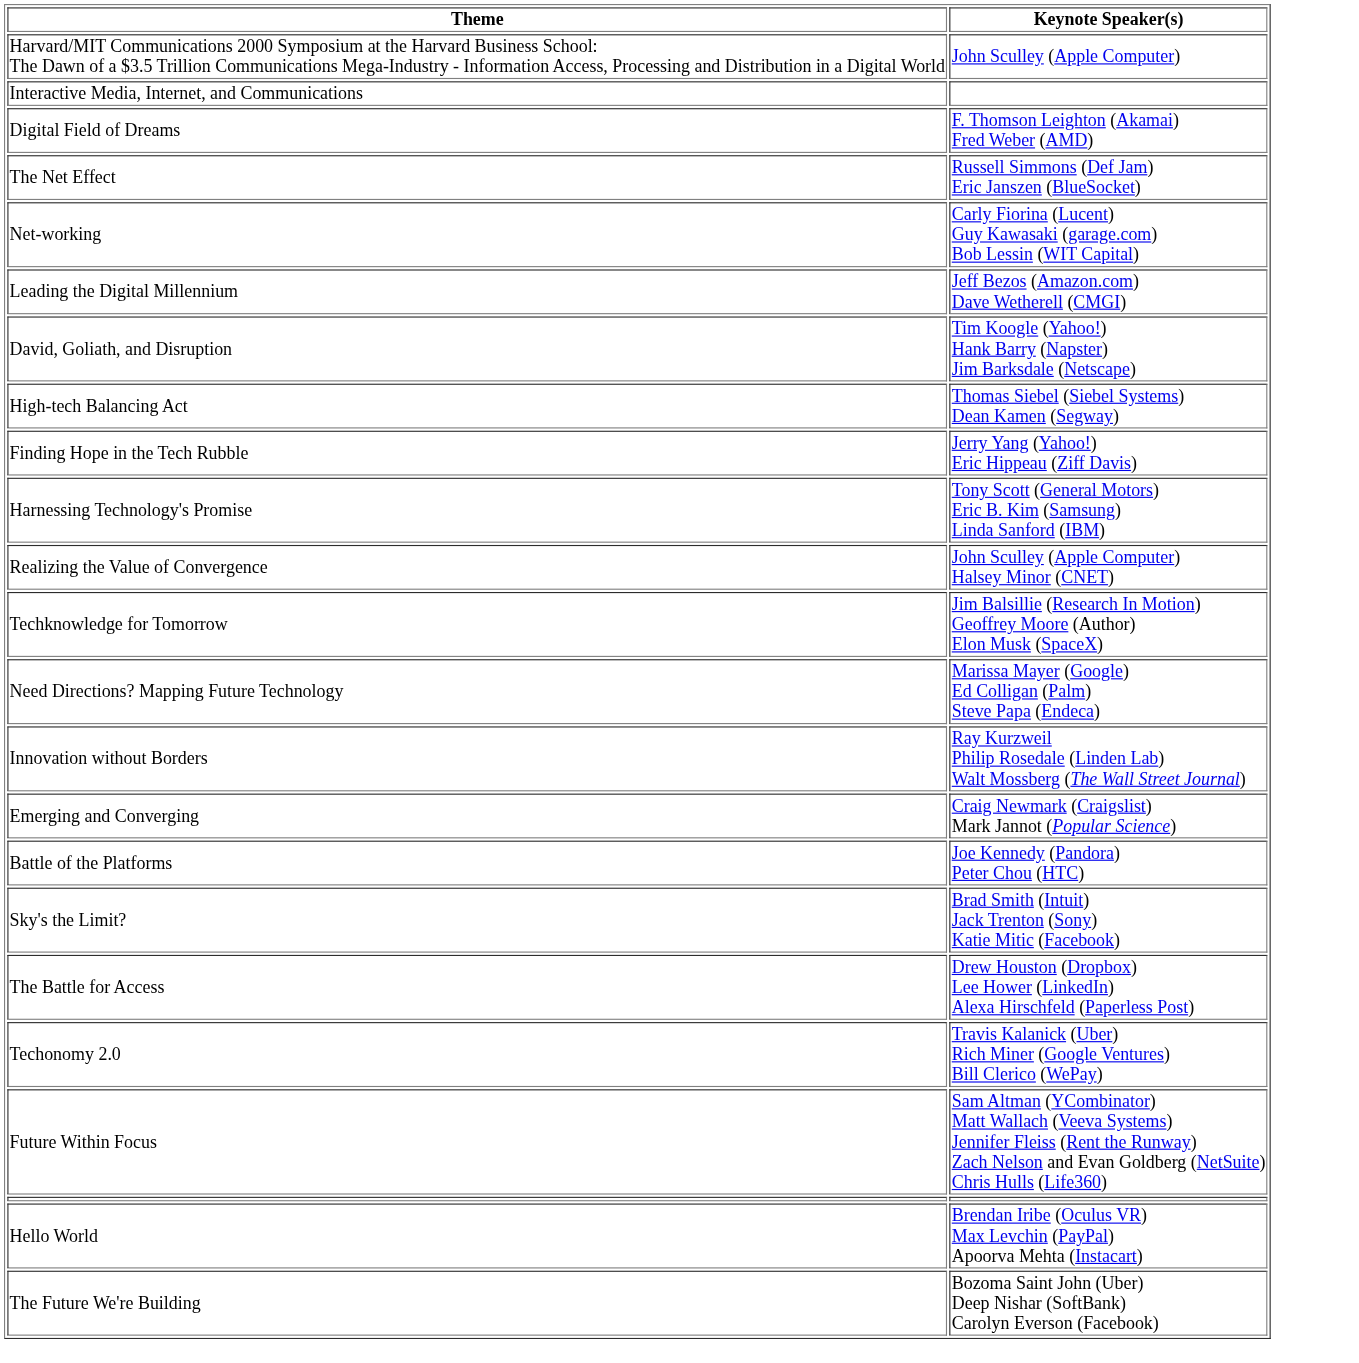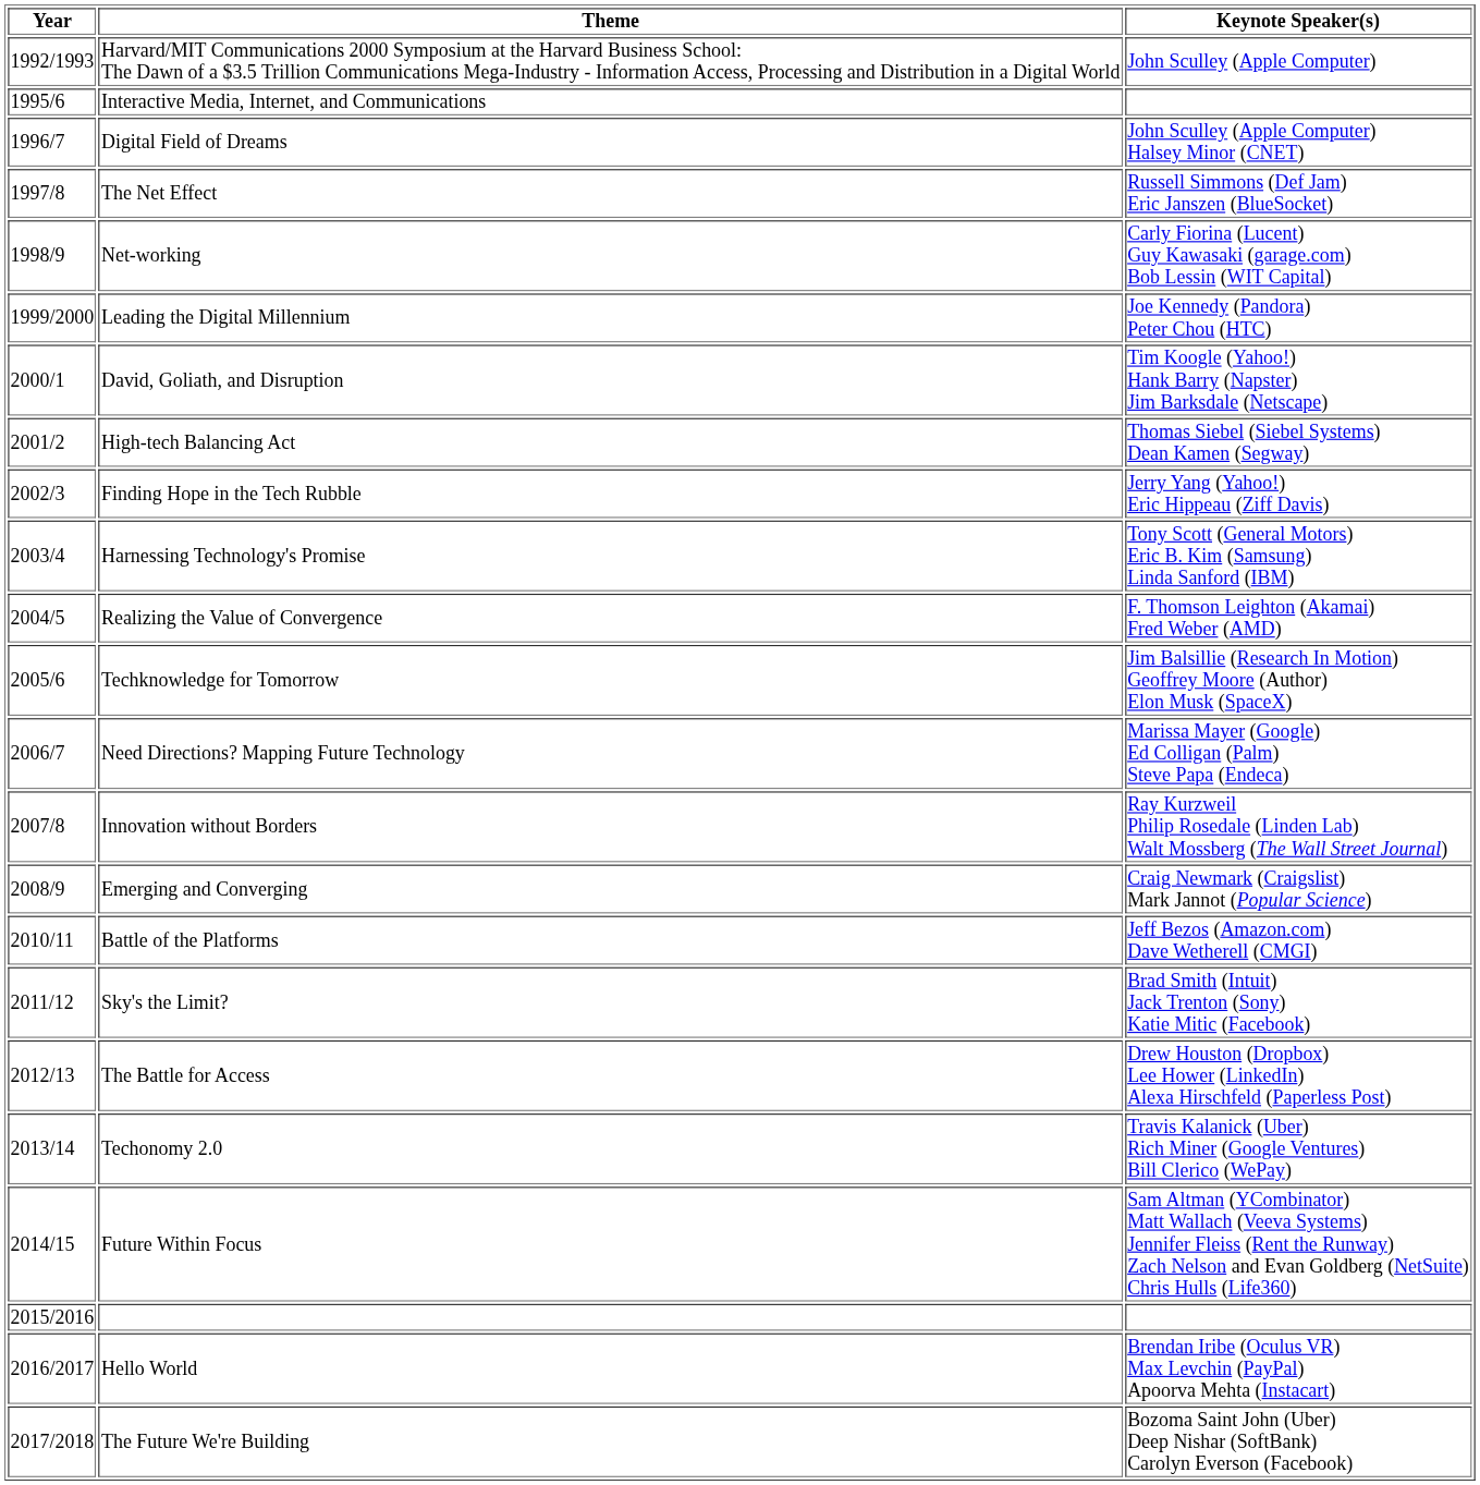 <table border="1">
 <tr>
+<th>Year</th>
 <th>Theme</th>
 <th>Keynote Speaker(s)</th>
 </tr>
 <tr>
+<td>1992/1993</td>
 <td>Harvard/MIT Communications 2000 Symposium at the Harvard Business School:<br>The Dawn of a $3.5 Trillion Communications Mega-Industry -  Information Access, Processing and Distribution  in a Digital World</td>
 <td><a href='#'>John Sculley</a>  (<a href='#'>Apple Computer</a>)</td>
 </tr>
 <tr>
+<td>1995/6</td>
 <td>Interactive Media, Internet, and Communications</td>
 <td> </td>
 </tr>
 <tr>
+<td>1996/7</td>
 <td>Digital Field of Dreams</td>
-<td><a href='#'>F. Thomson Leighton</a> (<a href='#'>Akamai</a>)<br><a href='#'>Fred Weber</a> (<a href='#'>AMD</a>)</td>
+<td><a href='#'>John Sculley</a> (<a href='#'>Apple Computer</a>)<br><a href='#'>Halsey Minor</a> (<a href='#'>CNET</a>)</td>
 </tr>
 <tr>
+<td>1997/8</td>
 <td>The Net Effect</td>
 <td><a href='#'>Russell Simmons</a> (<a href='#'>Def Jam</a>)<br><a href='#'>Eric Janszen</a> (<a href='#'>BlueSocket</a>)</td>
 </tr>
 <tr>
+<td>1998/9</td>
 <td>Net-working</td>
 <td><a href='#'>Carly Fiorina</a> (<a href='#'>Lucent</a>)<br><a href='#'>Guy Kawasaki</a> (<a href='#'>garage.com</a>)<br><a href='#'>Bob Lessin</a> (<a href='#'>WIT Capital</a>)</td>
 </tr>
 <tr>
+<td>1999/2000</td>
 <td>Leading the Digital Millennium</td>
-<td><a href='#'>Jeff Bezos</a> (<a href='#'>Amazon.com</a>)<br><a href='#'>Dave Wetherell</a> (<a href='#'>CMGI</a>)</td>
+<td><a href='#'>Joe Kennedy</a> (<a href='#'>Pandora</a>)<br><a href='#'>Peter Chou</a> (<a href='#'>HTC</a>)</td>
 </tr>
 <tr>
+<td>2000/1</td>
 <td>David, Goliath, and Disruption</td>
 <td><a href='#'>Tim Koogle</a> (<a href='#'>Yahoo!</a>)<br><a href='#'>Hank Barry</a> (<a href='#'>Napster</a>)<br><a href='#'>Jim Barksdale</a> (<a href='#'>Netscape</a>)</td>
 </tr>
 <tr>
+<td>2001/2</td>
 <td>High-tech Balancing Act</td>
 <td><a href='#'>Thomas Siebel</a> (<a href='#'>Siebel Systems</a>)<br><a href='#'>Dean Kamen</a> (<a href='#'>Segway</a>)</td>
 </tr>
 <tr>
+<td>2002/3</td>
 <td>Finding Hope in the Tech Rubble</td>
 <td><a href='#'>Jerry Yang</a> (<a href='#'>Yahoo!</a>)<br><a href='#'>Eric Hippeau</a> (<a href='#'>Ziff Davis</a>)</td>
 </tr>
 <tr>
+<td>2003/4</td>
 <td>Harnessing Technology's Promise</td>
 <td><a href='#'>Tony Scott</a> (<a href='#'>General Motors</a>)<br><a href='#'>Eric B. Kim</a> (<a href='#'>Samsung</a>)<br><a href='#'>Linda Sanford</a> (<a href='#'>IBM</a>)</td>
 </tr>
 <tr>
+<td>2004/5</td>
 <td>Realizing the Value of Convergence</td>
-<td><a href='#'>John Sculley</a> (<a href='#'>Apple Computer</a>)<br><a href='#'>Halsey Minor</a> (<a href='#'>CNET</a>)</td>
+<td><a href='#'>F. Thomson Leighton</a> (<a href='#'>Akamai</a>)<br><a href='#'>Fred Weber</a> (<a href='#'>AMD</a>)</td>
 </tr>
 <tr>
+<td>2005/6</td>
 <td>Techknowledge for Tomorrow</td>
 <td><a href='#'>Jim Balsillie</a> (<a href='#'>Research In Motion</a>)<br><a href='#'>Geoffrey Moore</a> (Author)<br><a href='#'>Elon Musk</a> (<a href='#'>SpaceX</a>)</td>
 </tr>
 <tr>
+<td>2006/7</td>
 <td>Need Directions? Mapping Future Technology</td>
 <td><a href='#'>Marissa Mayer</a> (<a href='#'>Google</a>)<br><a href='#'>Ed Colligan</a> (<a href='#'>Palm</a>)<br><a href='#'>Steve Papa</a> (<a href='#'>Endeca</a>)</td>
 </tr>
 <tr>
+<td>2007/8</td>
 <td>Innovation without Borders</td>
 <td><a href='#'>Ray Kurzweil</a><br><a href='#'>Philip Rosedale</a> (<a href='#'>Linden Lab</a>)<br><a href='#'>Walt Mossberg</a> (<em><a href='#'>The Wall Street Journal</a></em>)</td>
 </tr>
 <tr>
+<td>2008/9</td>
 <td>Emerging and Converging</td>
 <td><a href='#'>Craig Newmark</a> (<a href='#'>Craigslist</a>)<br>Mark Jannot (<em><a href='#'>Popular Science</a></em>)</td>
 </tr>
 <tr>
+<td>2010/11</td>
 <td>Battle of the Platforms</td>
-<td><a href='#'>Joe Kennedy</a> (<a href='#'>Pandora</a>)<br><a href='#'>Peter Chou</a> (<a href='#'>HTC</a>)</td>
+<td><a href='#'>Jeff Bezos</a> (<a href='#'>Amazon.com</a>)<br><a href='#'>Dave Wetherell</a> (<a href='#'>CMGI</a>)</td>
 </tr>
 <tr>
+<td>2011/12</td>
 <td>Sky's the Limit?</td>
 <td><a href='#'>Brad Smith</a> (<a href='#'>Intuit</a>)<br><a href='#'>Jack Trenton</a> (<a href='#'>Sony</a>)<br><a href='#'>Katie Mitic</a> (<a href='#'>Facebook</a>)</td>
 </tr>
 <tr>
+<td>2012/13</td>
 <td>The Battle for Access</td>
 <td><a href='#'>Drew Houston</a> (<a href='#'>Dropbox</a>)<br><a href='#'>Lee Hower</a> (<a href='#'>LinkedIn</a>)<br><a href='#'>Alexa Hirschfeld</a> (<a href='#'>Paperless Post</a>)</td>
 </tr>
 <tr>
+<td>2013/14</td>
 <td>Techonomy 2.0</td>
 <td><a href='#'>Travis Kalanick</a> (<a href='#'>Uber</a>)<br><a href='#'>Rich Miner</a> (<a href='#'>Google Ventures</a>)<br><a href='#'>Bill Clerico</a> (<a href='#'>WePay</a>)</td>
 </tr>
 <tr>
+<td>2014/15</td>
 <td>Future Within Focus</td>
 <td><a href='#'>Sam Altman</a> (<a href='#'>YCombinator</a>)<br><a href='#'>Matt Wallach</a> (<a href='#'>Veeva Systems</a>)<br><a href='#'>Jennifer Fleiss</a> (<a href='#'>Rent the Runway</a>)<br><a href='#'>Zach Nelson</a> and Evan Goldberg (<a href='#'>NetSuite</a>)<br><a href='#'>Chris Hulls</a> (<a href='#'>Life360</a>)</td>
 </tr>
 <tr>
+<td>2015/2016</td>
 <td></td>
 <td></td>
 </tr>
 <tr>
+<td>2016/2017</td>
 <td>Hello World</td>
 <td><a href='#'>Brendan Iribe</a> (<a href='#'>Oculus VR</a>)<br><a href='#'>Max Levchin</a> (<a href='#'>PayPal</a>)<br>Apoorva Mehta (<a href='#'>Instacart</a>)</td>
 </tr>
 <tr>
+<td>2017/2018</td>
 <td>The Future We're Building</td>
 <td>Bozoma Saint John (Uber)<br>Deep Nishar (SoftBank)<br>Carolyn Everson (Facebook)</td>
 </tr>
 </table>
